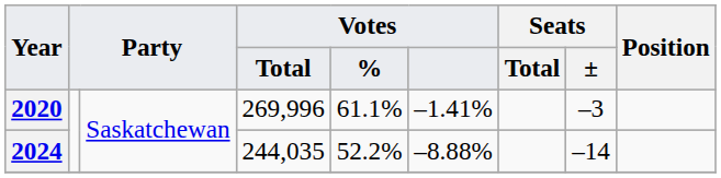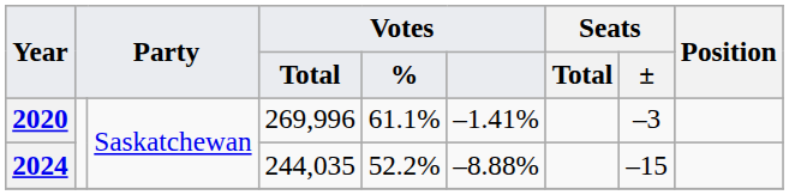 <table class="wikitable" style="font-size:90%; text-align:center;">
 <tr>
 <th rowspan="2" style="background:#eaecf0;">Year</th>
 <th colspan="2" rowspan="2" style="background:#eaecf0;">Party</th>
 <th colspan="3" style="background:#eaecf0;">Votes</th>
 <th colspan="2">Seats</th>
 <th rowspan="2">Position</th>
 </tr>
 <tr>
 <th style="background:#eaecf0;">Total</th>
 <th style="background:#eaecf0;">%</th>
 <th style="background:#eaecf0;"></th>
 <th>Total</th>
 <th>±</th>
 </tr>
 <tr>
 <th><a href='#'>2020</a></th>
 <td rowspan="2" style="background-color:"></td>
 <td rowspan="2"><a href='#'>Saskatchewan</a></td>
 <td>269,996</td>
 <td>61.1%</td>
 <td>–1.41%</td>
 <td></td>
 <td>–3</td>
 <td></td>
 </tr>
 <tr>
 <th><a href='#'>2024</a></th>
 <td>244,035</td>
 <td>52.2%</td>
 <td>–8.88%</td>
 <td></td>
-<td>–14</td>
+<td>–15</td>
 <td></td>
 </tr>
 <tr>
 </tr>
 </table>
